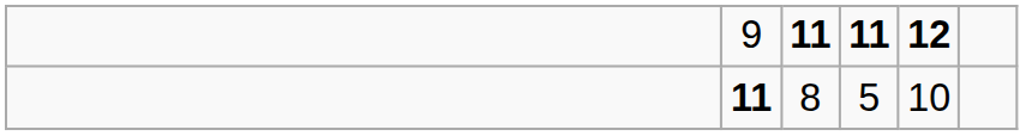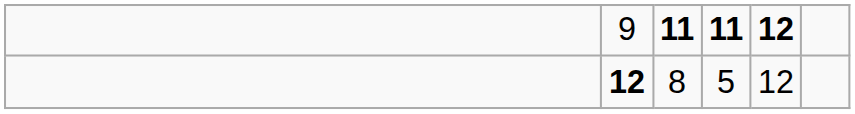 <table class="wikitable">
 <tr>
 <td style="width:18em"></td>
 <td align=center style="width:1em">9</td>
 <td align=center style="width:1em"><strong>11</strong></td>
 <td align=center style="width:1em"><strong>11</strong></td>
 <td align=center style="width:1em"><strong>12</strong></td>
 <td align=center style="width:1em"></td>
 </tr>
 <tr>
 <td style="width:18em"></td>
-<td align=center style="width:1em"><strong>11</strong></td>
+<td align=center style="width:1em"><strong>12</strong></td>
 <td align=center style="width:1em">8</td>
 <td align=center style="width:1em">5</td>
-<td align=center style="width:1em">10</td>
+<td align=center style="width:1em">12</td>
 <td align=center style="width:1em"></td>
 </tr>
 </table>
